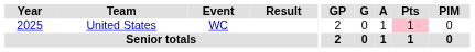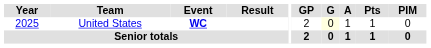 <table border="0" cellpadding="1" cellspacing="0" ID="Table3" style="text-align:center; width:40em">
 <tr ALIGN="center" bgcolor="#e0e0e0">
 <th>Year</th>
 <th>Team</th>
 <th>Event</th>
 <th>Result</th>
 <th rowspan="99" bgcolor="#ffffff"></th>
 <th>GP</th>
 <th>G</th>
 <th>A</th>
 <th>Pts</th>
 <th>PIM</th>
 </tr>
 <tr>
 <td><a href='#'>2025</a></td>
 <td><a href='#'>United States</a></td>
-<td><a href='#'>WC</a></td>
+<td><strong><a href='#'>WC</a></strong></td>
 <td></td>
 <td>2</td>
-<td>0</td>
+<td style="background: lightyellow;">0</td>
 <td>1</td>
-<td style="background: pink;">1</td>
+<td>1</td>
 <td>0</td>
 </tr>
 <tr bgcolor="#e0e0e0">
 <th colspan="4">Senior totals</th>
 <th>2</th>
 <th>0</th>
 <th>1</th>
 <th>1</th>
 <th>0</th>
 </tr>
 </table>
